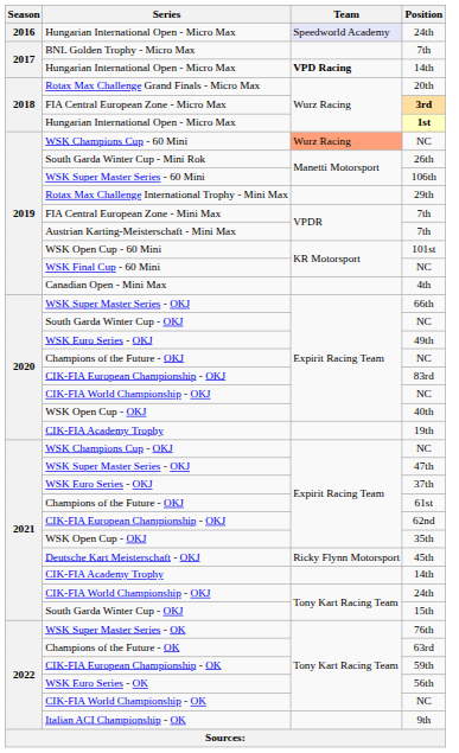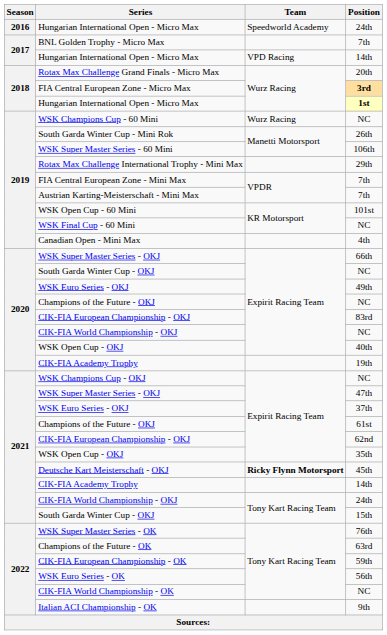 <table class="wikitable" style="font-size: 85%; text-align:center">
 <tr>
 <th>Season</th>
 <th>Series</th>
 <th>Team</th>
 <th>Position</th>
 </tr>
 <tr>
 <th>2016</th>
 <td align="left">Hungarian International Open - Micro Max</td>
-<td align="left" style="background: lavender;">Speedworld Academy</td>
+<td align="left">Speedworld Academy</td>
 <td>24th</td>
 </tr>
 <tr>
 <th rowspan="2">2017</th>
 <td align="left">BNL Golden Trophy - Micro Max</td>
 <td></td>
 <td>7th</td>
 </tr>
 <tr>
 <td align="left">Hungarian International Open - Micro Max</td>
-<td align="left"><strong>VPD Racing</strong></td>
+<td align="left">VPD Racing</td>
 <td>14th</td>
 </tr>
 <tr>
 <th rowspan="3">2018</th>
 <td align="left"><a href='#'>Rotax Max Challenge</a> Grand Finals - Micro Max</td>
 <td rowspan="3"  align="left">Wurz Racing</td>
 <td>20th</td>
 </tr>
 <tr>
 <td align="left">FIA Central European Zone - Micro Max</td>
 <td style="background:#FFDF9F;"><strong>3rd</strong></td>
 </tr>
 <tr>
 <td align="left">Hungarian International Open - Micro Max</td>
 <td style="background:#FFFFBF;"><strong>1st</strong></td>
 </tr>
 <tr>
 <th rowspan="9">2019</th>
 <td align="left"><a href='#'>WSK Champions Cup</a> - 60 Mini</td>
-<td align="left" style="background: lightsalmon;">Wurz Racing</td>
+<td align="left">Wurz Racing</td>
 <td>NC</td>
 </tr>
 <tr>
 <td align="left">South Garda Winter Cup - Mini Rok</td>
 <td rowspan="2"  align="left">Manetti Motorsport</td>
 <td>26th</td>
 </tr>
 <tr>
 <td align="left"><a href='#'>WSK Super Master Series</a> - 60 Mini</td>
 <td>106th</td>
 </tr>
 <tr>
 <td align="left"><a href='#'>Rotax Max Challenge</a> International Trophy - Mini Max</td>
 <td></td>
 <td>29th</td>
 </tr>
 <tr>
 <td align="left">FIA Central European Zone - Mini Max</td>
 <td rowspan="2"  align="left">VPDR</td>
 <td>7th</td>
 </tr>
 <tr>
 <td align="left">Austrian Karting-Meisterschaft - Mini Max</td>
 <td>7th</td>
 </tr>
 <tr>
 <td align="left">WSK Open Cup - 60 Mini</td>
 <td rowspan="2"  align="left">KR Motorsport</td>
 <td>101st</td>
 </tr>
 <tr>
 <td align="left"><a href='#'>WSK Final Cup</a> - 60 Mini</td>
 <td>NC</td>
 </tr>
 <tr>
 <td align="left">Canadian Open - Mini Max</td>
 <td></td>
 <td>4th</td>
 </tr>
 <tr>
 <th rowspan="8">2020</th>
 <td align="left"><a href='#'>WSK Super Master Series</a> - <a href='#'>OKJ</a></td>
 <td rowspan="7" align="left">Expirit Racing Team</td>
 <td>66th</td>
 </tr>
 <tr>
 <td align="left">South Garda Winter Cup - <a href='#'>OKJ</a></td>
 <td>NC</td>
 </tr>
 <tr>
 <td align="left"><a href='#'>WSK Euro Series</a> - <a href='#'>OKJ</a></td>
 <td>49th</td>
 </tr>
 <tr>
 <td align="left">Champions of the Future - <a href='#'>OKJ</a></td>
 <td>NC</td>
 </tr>
 <tr>
 <td align="left"><a href='#'>CIK-FIA European Championship</a> - <a href='#'>OKJ</a></td>
 <td>83rd</td>
 </tr>
 <tr>
 <td align="left"><a href='#'>CIK-FIA World Championship</a> - <a href='#'>OKJ</a></td>
 <td>NC</td>
 </tr>
 <tr>
 <td align="left">WSK Open Cup - <a href='#'>OKJ</a></td>
 <td>40th</td>
 </tr>
 <tr>
 <td align="left"><a href='#'>CIK-FIA Academy Trophy</a></td>
 <td></td>
 <td>19th</td>
 </tr>
 <tr>
 <th rowspan="10">2021</th>
 <td align="left"><a href='#'>WSK Champions Cup</a> - <a href='#'>OKJ</a></td>
 <td rowspan="6" align="left">Expirit Racing Team</td>
 <td>NC</td>
 </tr>
 <tr>
 <td align="left"><a href='#'>WSK Super Master Series</a> - <a href='#'>OKJ</a></td>
 <td>47th</td>
 </tr>
 <tr>
 <td align="left"><a href='#'>WSK Euro Series</a> - <a href='#'>OKJ</a></td>
 <td>37th</td>
 </tr>
 <tr>
 <td align="left">Champions of the Future - <a href='#'>OKJ</a></td>
 <td>61st</td>
 </tr>
 <tr>
 <td align="left"><a href='#'>CIK-FIA European Championship</a> - <a href='#'>OKJ</a></td>
 <td>62nd</td>
 </tr>
 <tr>
 <td align="left">WSK Open Cup - <a href='#'>OKJ</a></td>
 <td>35th</td>
 </tr>
 <tr>
 <td align="left"><a href='#'>Deutsche Kart Meisterschaft</a> - <a href='#'>OKJ</a></td>
-<td align="left">Ricky Flynn Motorsport</td>
+<td align="left"><strong>Ricky Flynn Motorsport</strong></td>
 <td>45th</td>
 </tr>
 <tr>
 <td align="left"><a href='#'>CIK-FIA Academy Trophy</a></td>
 <td></td>
 <td>14th</td>
 </tr>
 <tr>
 <td align="left"><a href='#'>CIK-FIA World Championship</a> - <a href='#'>OKJ</a></td>
 <td rowspan="2"  align="left">Tony Kart Racing Team</td>
 <td>24th</td>
 </tr>
 <tr>
 <td align="left">South Garda Winter Cup - <a href='#'>OKJ</a></td>
 <td>15th</td>
 </tr>
 <tr>
 <th rowspan="6">2022</th>
 <td align="left"><a href='#'>WSK Super Master Series</a> - <a href='#'>OK</a></td>
 <td rowspan="5" align="left">Tony Kart Racing Team</td>
 <td>76th</td>
 </tr>
 <tr>
 <td align="left">Champions of the Future - <a href='#'>OK</a></td>
 <td>63rd</td>
 </tr>
 <tr>
 <td align="left"><a href='#'>CIK-FIA European Championship</a> - <a href='#'>OK</a></td>
 <td>59th</td>
 </tr>
 <tr>
 <td align="left"><a href='#'>WSK Euro Series</a> - <a href='#'>OK</a></td>
 <td>56th</td>
 </tr>
 <tr>
 <td align="left"><a href='#'>CIK-FIA World Championship</a> - <a href='#'>OK</a></td>
 <td>NC</td>
 </tr>
 <tr>
 <td align="left"><a href='#'>Italian ACI Championship</a> - <a href='#'>OK</a></td>
 <td></td>
 <td>9th</td>
 </tr>
 <tr>
 <th colspan="4">Sources:</th>
 </tr>
 </table>
